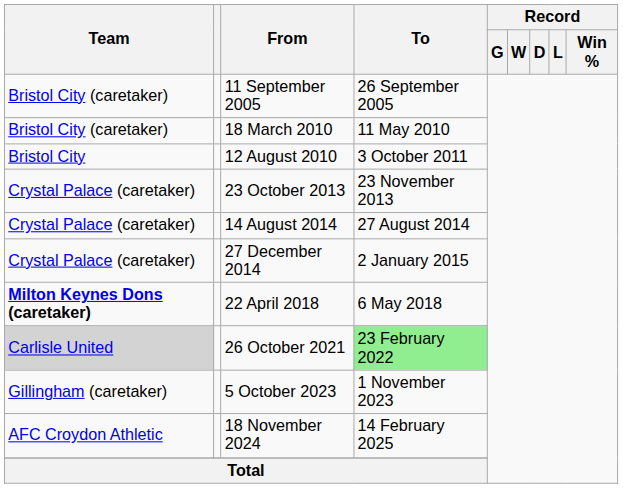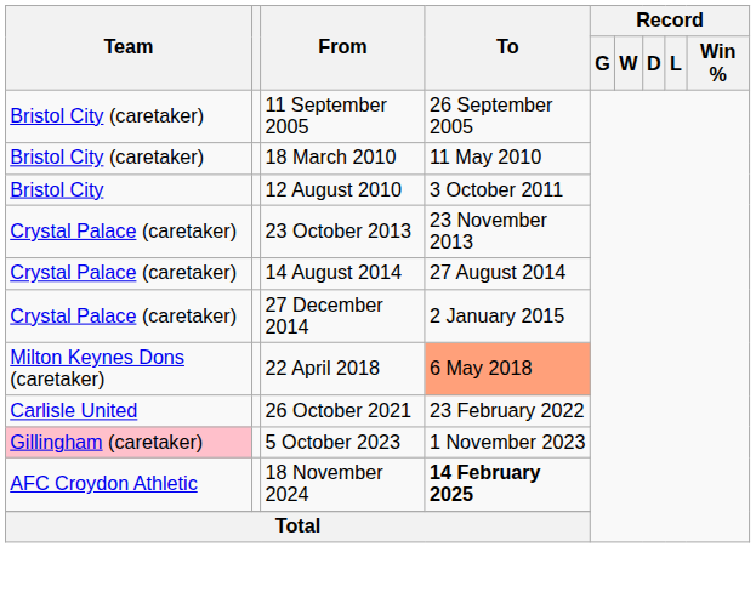 <table class="wikitable sortable">
 <tr>
 <th rowspan="2">Team</th>
 <th rowspan="2"></th>
 <th rowspan="2">From</th>
 <th rowspan="2">To</th>
 <th colspan="9">Record</th>
 </tr>
 <tr>
 <th>G</th>
 <th>W</th>
 <th>D</th>
 <th>L</th>
 <th>Win %</th>
 </tr>
 <tr>
 <td><a href='#'>Bristol City</a> (caretaker)</td>
 <td align="center"></td>
 <td>11 September 2005</td>
 <td>26 September 2005<br></td>
 </tr>
 <tr>
 <td><a href='#'>Bristol City</a> (caretaker)</td>
 <td align="center"></td>
 <td>18 March 2010</td>
 <td>11 May 2010<br></td>
 </tr>
 <tr>
 <td><a href='#'>Bristol City</a></td>
 <td align="center"></td>
 <td>12 August 2010</td>
 <td>3 October 2011<br></td>
 </tr>
 <tr>
 <td><a href='#'>Crystal Palace</a> (caretaker)</td>
 <td align="center"></td>
 <td>23 October 2013</td>
 <td>23 November 2013<br></td>
 </tr>
 <tr>
 <td align=left><a href='#'>Crystal Palace</a> (caretaker)</td>
 <td align="center"></td>
 <td align=left>14 August 2014</td>
 <td align=left>27 August 2014<br></td>
 </tr>
 <tr>
 <td><a href='#'>Crystal Palace</a> (caretaker)</td>
 <td align="center"></td>
 <td>27 December 2014</td>
 <td>2 January 2015<br></td>
 </tr>
 <tr>
-<td><strong><a href='#'>Milton Keynes Dons</a> (caretaker)</strong></td>
+<td><a href='#'>Milton Keynes Dons</a> (caretaker)</td>
 <td align="center"></td>
 <td>22 April 2018</td>
-<td>6 May 2018<br></td>
+<td style="background: lightsalmon;">6 May 2018<br></td>
 </tr>
 <tr>
-<td style="background: lightgrey;"><a href='#'>Carlisle United</a></td>
+<td><a href='#'>Carlisle United</a></td>
 <td align="center"></td>
 <td>26 October 2021</td>
-<td style="background: lightgreen;">23 February 2022<br></td>
+<td>23 February 2022<br></td>
 </tr>
 <tr>
-<td><a href='#'>Gillingham</a> (caretaker)</td>
+<td style="background: pink;"><a href='#'>Gillingham</a> (caretaker)</td>
 <td align="center"></td>
 <td>5 October 2023</td>
 <td>1 November 2023<br></td>
 </tr>
 <tr>
 <td><a href='#'>AFC Croydon Athletic</a></td>
 <td align="center"></td>
 <td>18 November 2024</td>
-<td>14 February 2025<br></td>
+<td><strong>14 February 2025<br></strong></td>
 </tr>
 <tr>
 </tr>
 <tr class="sortbottom">
 <th colspan="4">Total<br></th>
 </tr>
 </table>
